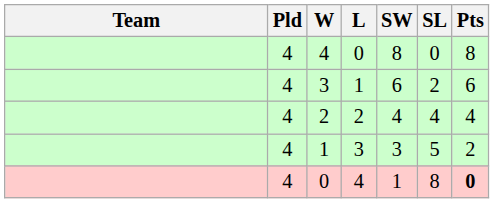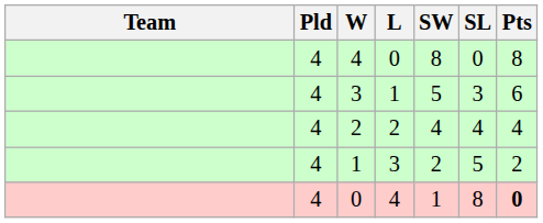 <table class=wikitable style="text-align:center">
 <tr>
 <th width=200>Team</th>
 <th width=20>Pld</th>
 <th width=20>W</th>
 <th width=20>L</th>
 <th width=20>SW</th>
 <th width=20>SL</th>
 <th width=20>Pts</th>
 </tr>
 <tr bgcolor=#ccffcc>
 <td align=left></td>
 <td>4</td>
 <td>4</td>
 <td>0</td>
 <td>8</td>
 <td>0</td>
 <td>8</td>
 </tr>
 <tr bgcolor=#ccffcc>
 <td align=left></td>
 <td>4</td>
 <td>3</td>
 <td>1</td>
-<td>6</td>
-<td>2</td>
+<td>5</td>
+<td>3</td>
 <td>6</td>
 </tr>
 <tr bgcolor=#ccffcc>
 <td align=left></td>
 <td>4</td>
 <td>2</td>
 <td>2</td>
 <td>4</td>
 <td>4</td>
 <td>4</td>
 </tr>
 <tr bgcolor=#ccffcc>
 <td align=left></td>
 <td>4</td>
 <td>1</td>
 <td>3</td>
-<td>3</td>
+<td>2</td>
 <td>5</td>
 <td>2</td>
 </tr>
 <tr bgcolor=#ffcccc>
 <td align=left></td>
 <td>4</td>
 <td>0</td>
 <td>4</td>
 <td>1</td>
 <td>8</td>
 <td><strong>0</strong></td>
 </tr>
 </table>
